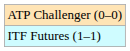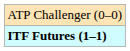 <table class=wikitable style=font-size:97%>
 <tr bgcolor=moccasin>
 <td>ATP Challenger (0–0)</td>
 </tr>
 <tr bgcolor=cffcff>
-<td>ITF Futures (1–1)</td>
+<td><strong>ITF Futures (1–1)</strong></td>
 </tr>
 </table>
